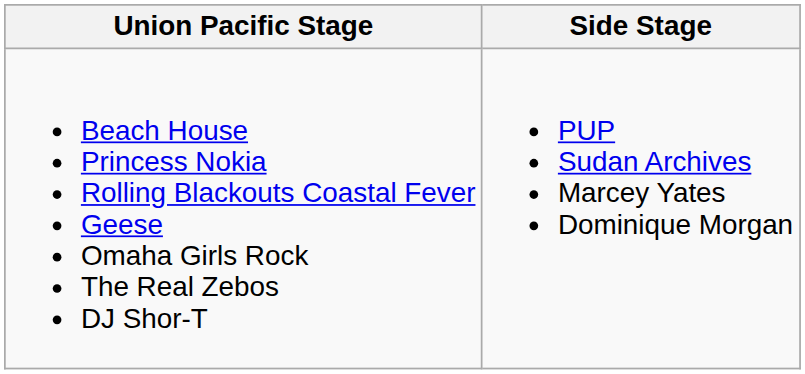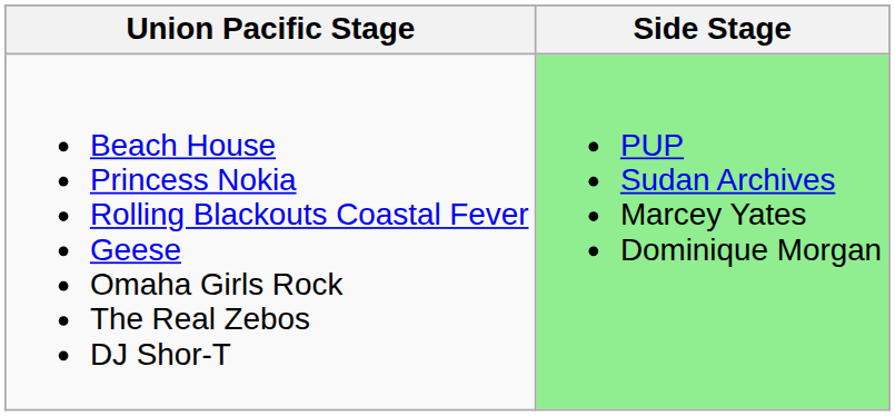 <table class="wikitable">
 <tr>
 <th>Union Pacific Stage</th>
 <th>Side Stage</th>
 </tr>
 <tr valign="top">
 <td><br><ul><li><a href='#'>Beach House</a></li><li><a href='#'>Princess Nokia</a></li><li><a href='#'>Rolling Blackouts Coastal Fever</a></li><li><a href='#'>Geese</a></li><li>Omaha Girls Rock</li><li>The Real Zebos</li><li>DJ Shor-T</li></ul></td>
-<td><br><ul><li><a href='#'>PUP</a></li><li><a href='#'>Sudan Archives</a></li><li>Marcey Yates</li><li>Dominique Morgan</li></ul></td>
+<td style="background: lightgreen;"><br><ul><li><a href='#'>PUP</a></li><li><a href='#'>Sudan Archives</a></li><li>Marcey Yates</li><li>Dominique Morgan</li></ul></td>
 </tr>
 </table>
